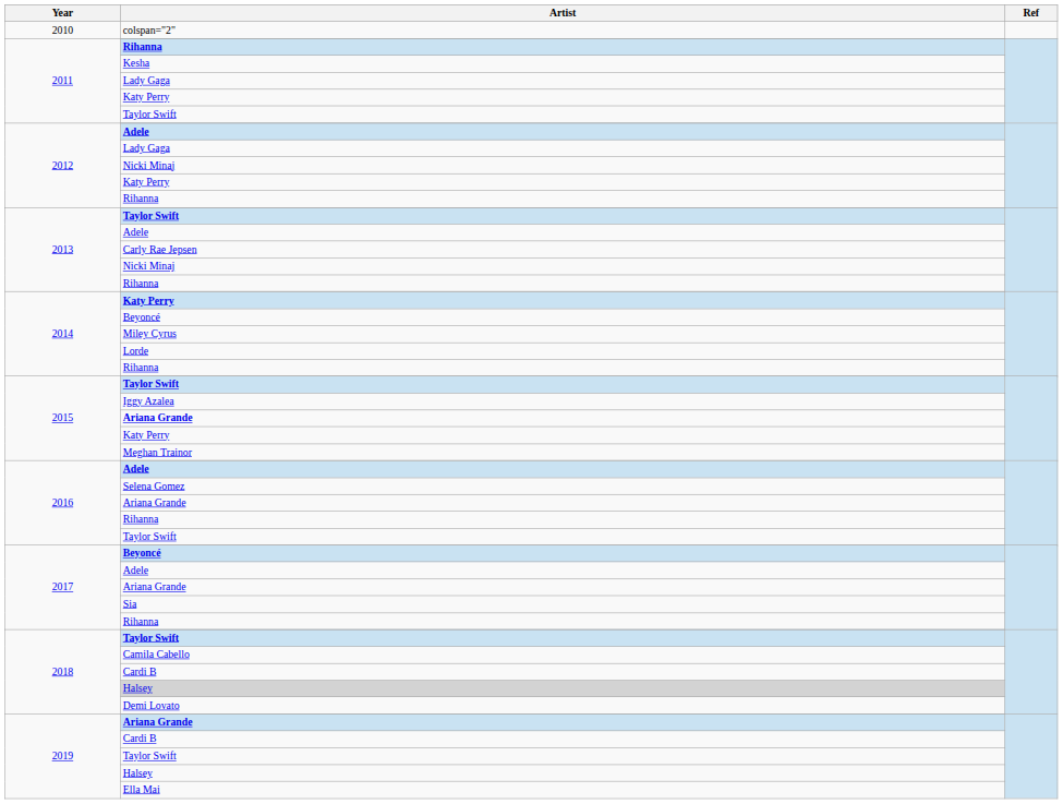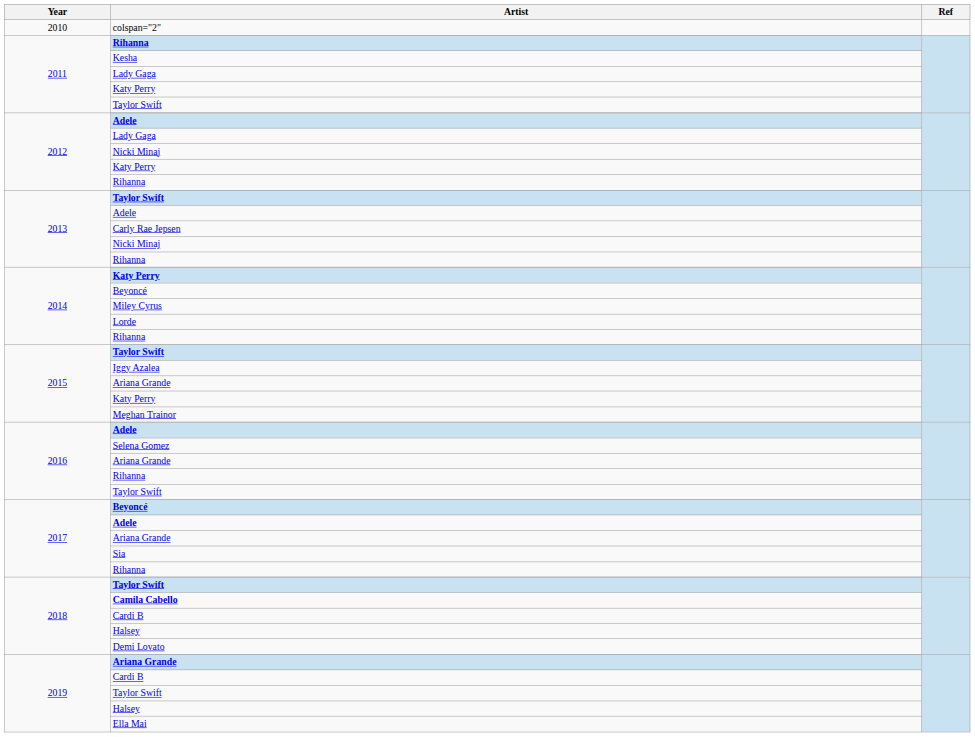 <table class="wikitable" style="width:100%;">
 <tr style="background:#bebebe;">
 <th style="width:11%;">Year</th>
 <th style="width:84%;">Artist</th>
 <th style="width:5%;">Ref</th>
 </tr>
 <tr>
 <td align="center">2010</td>
 <td>colspan="2" </td>
 </tr>
 <tr>
 <td rowspan="6" align="center"><a href='#'>2011</a></td>
 </tr>
 <tr style="background:#c9e2f2">
 <td><strong><a href='#'>Rihanna</a></strong></td>
 <td rowspan="6" align="center"></td>
 </tr>
 <tr>
 <td><a href='#'>Kesha</a></td>
 </tr>
 <tr>
 <td><a href='#'>Lady Gaga</a></td>
 </tr>
 <tr>
 <td><a href='#'>Katy Perry</a></td>
 </tr>
 <tr>
 <td><a href='#'>Taylor Swift</a></td>
 </tr>
 <tr>
 <td rowspan="6" align="center"><a href='#'>2012</a></td>
 </tr>
 <tr style="background:#c9e2f2">
 <td><strong><a href='#'>Adele</a></strong></td>
 <td rowspan="6" align="center"></td>
 </tr>
 <tr>
 <td><a href='#'>Lady Gaga</a></td>
 </tr>
 <tr>
 <td><a href='#'>Nicki Minaj</a></td>
 </tr>
 <tr>
 <td><a href='#'>Katy Perry</a></td>
 </tr>
 <tr>
 <td><a href='#'>Rihanna</a></td>
 </tr>
 <tr>
 <td rowspan="6" align="center"><a href='#'>2013</a></td>
 </tr>
 <tr style="background:#c9e2f2">
 <td><strong><a href='#'>Taylor Swift</a></strong></td>
 <td rowspan="6" align="center"></td>
 </tr>
 <tr>
 <td><a href='#'>Adele</a></td>
 </tr>
 <tr>
 <td><a href='#'>Carly Rae Jepsen</a></td>
 </tr>
 <tr>
 <td><a href='#'>Nicki Minaj</a></td>
 </tr>
 <tr>
 <td><a href='#'>Rihanna</a></td>
 </tr>
 <tr>
 <td rowspan="6" align="center"><a href='#'>2014</a></td>
 </tr>
 <tr style="background:#c9e2f2">
 <td><strong><a href='#'>Katy Perry</a></strong></td>
 <td rowspan="6" align="center"></td>
 </tr>
 <tr>
 <td><a href='#'>Beyoncé</a></td>
 </tr>
 <tr>
 <td><a href='#'>Miley Cyrus</a></td>
 </tr>
 <tr>
 <td><a href='#'>Lorde</a></td>
 </tr>
 <tr>
 <td><a href='#'>Rihanna</a></td>
 </tr>
 <tr>
 <td rowspan="6" align="center"><a href='#'>2015</a></td>
 </tr>
 <tr style="background:#c9e2f2">
 <td><strong><a href='#'>Taylor Swift</a></strong></td>
 <td rowspan="6" align="center"></td>
 </tr>
 <tr>
 <td><a href='#'>Iggy Azalea</a></td>
 </tr>
 <tr>
-<td><strong><a href='#'>Ariana Grande</a></strong></td>
+<td><a href='#'>Ariana Grande</a></td>
 </tr>
 <tr>
 <td><a href='#'>Katy Perry</a></td>
 </tr>
 <tr>
 <td><a href='#'>Meghan Trainor</a></td>
 </tr>
 <tr>
 <td rowspan="6" align="center"><a href='#'>2016</a></td>
 </tr>
 <tr style="background:#c9e2f2">
 <td><strong><a href='#'>Adele</a></strong></td>
 <td rowspan="6" align="center"></td>
 </tr>
 <tr>
 <td><a href='#'>Selena Gomez</a></td>
 </tr>
 <tr>
 <td><a href='#'>Ariana Grande</a></td>
 </tr>
 <tr>
 <td><a href='#'>Rihanna</a></td>
 </tr>
 <tr>
 <td><a href='#'>Taylor Swift</a></td>
 </tr>
 <tr>
 <td rowspan="6" align="center"><a href='#'>2017</a></td>
 </tr>
 <tr style="background:#c9e2f2">
 <td><strong><a href='#'>Beyoncé</a></strong></td>
 <td rowspan="6" align="center"></td>
 </tr>
 <tr>
-<td><a href='#'>Adele</a></td>
+<td><strong><a href='#'>Adele</a></strong></td>
 </tr>
 <tr>
 <td><a href='#'>Ariana Grande</a></td>
 </tr>
 <tr>
 <td><a href='#'>Sia</a></td>
 </tr>
 <tr>
 <td><a href='#'>Rihanna</a></td>
 </tr>
 <tr>
 <td rowspan="6" align="center"><a href='#'>2018</a></td>
 </tr>
 <tr style="background:#c9e2f2">
 <td><strong><a href='#'>Taylor Swift</a></strong></td>
 <td rowspan="6" align="center"></td>
 </tr>
 <tr>
-<td><a href='#'>Camila Cabello</a></td>
+<td><strong><a href='#'>Camila Cabello</a></strong></td>
 </tr>
 <tr>
 <td><a href='#'>Cardi B</a></td>
 </tr>
 <tr>
-<td style="background: lightgrey;"><a href='#'>Halsey</a></td>
+<td><a href='#'>Halsey</a></td>
 </tr>
 <tr>
 <td><a href='#'>Demi Lovato</a></td>
 </tr>
 <tr>
 <td rowspan="6" align="center"><a href='#'>2019</a></td>
 </tr>
 <tr style="background:#c9e2f2">
 <td><strong><a href='#'>Ariana Grande</a></strong></td>
 <td rowspan="5" align="center"></td>
 </tr>
 <tr>
 <td><a href='#'>Cardi B</a></td>
 </tr>
 <tr>
 <td><a href='#'>Taylor Swift</a></td>
 </tr>
 <tr>
 <td><a href='#'>Halsey</a></td>
 </tr>
 <tr>
 <td><a href='#'>Ella Mai</a></td>
 </tr>
 </table>
